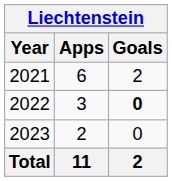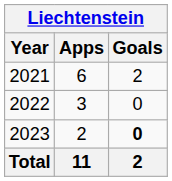 <table class="wikitable" style="text-align:center">
 <tr>
 <th colspan="3"><a href='#'>Liechtenstein</a></th>
 </tr>
 <tr>
 <th>Year</th>
 <th>Apps</th>
 <th>Goals</th>
 </tr>
 <tr>
 <td>2021</td>
 <td>6</td>
 <td>2</td>
 </tr>
 <tr>
 <td>2022</td>
 <td>3</td>
-<td><strong>0</strong></td>
+<td>0</td>
 </tr>
 <tr>
 <td>2023</td>
 <td>2</td>
-<td>0</td>
+<td><strong>0</strong></td>
 </tr>
 <tr>
 <th colspan="1">Total</th>
 <th>11</th>
 <th>2</th>
 </tr>
 </table>
